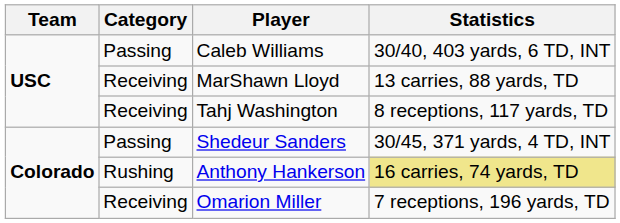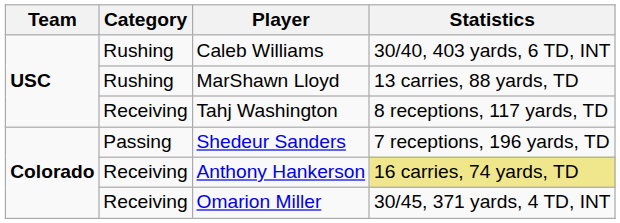 <table class="wikitable" style="float: right;">
 <tr>
 <th>Team</th>
 <th>Category</th>
 <th>Player</th>
 <th>Statistics</th>
 </tr>
 <tr>
 <td rowspan=3><strong>USC</strong></td>
-<td>Passing</td>
+<td>Rushing</td>
 <td>Caleb Williams</td>
 <td>30/40, 403 yards, 6 TD, INT</td>
 </tr>
 <tr>
-<td>Receiving</td>
+<td>Rushing</td>
 <td>MarShawn Lloyd</td>
 <td>13 carries, 88 yards, TD</td>
 </tr>
 <tr>
 <td>Receiving</td>
 <td>Tahj Washington</td>
 <td>8 receptions, 117 yards, TD</td>
 </tr>
 <tr>
 <td rowspan=3><strong>Colorado</strong></td>
 <td>Passing</td>
 <td><a href='#'>Shedeur Sanders</a></td>
-<td>30/45, 371 yards, 4 TD, INT</td>
+<td>7 receptions, 196 yards, TD</td>
 </tr>
 <tr>
-<td>Rushing</td>
+<td>Receiving</td>
 <td><a href='#'>Anthony Hankerson</a></td>
 <td style="background: khaki;">16 carries, 74 yards, TD</td>
 </tr>
 <tr>
 <td>Receiving</td>
 <td><a href='#'>Omarion Miller</a></td>
-<td>7 receptions, 196 yards, TD</td>
+<td>30/45, 371 yards, 4 TD, INT</td>
 </tr>
 </table>
